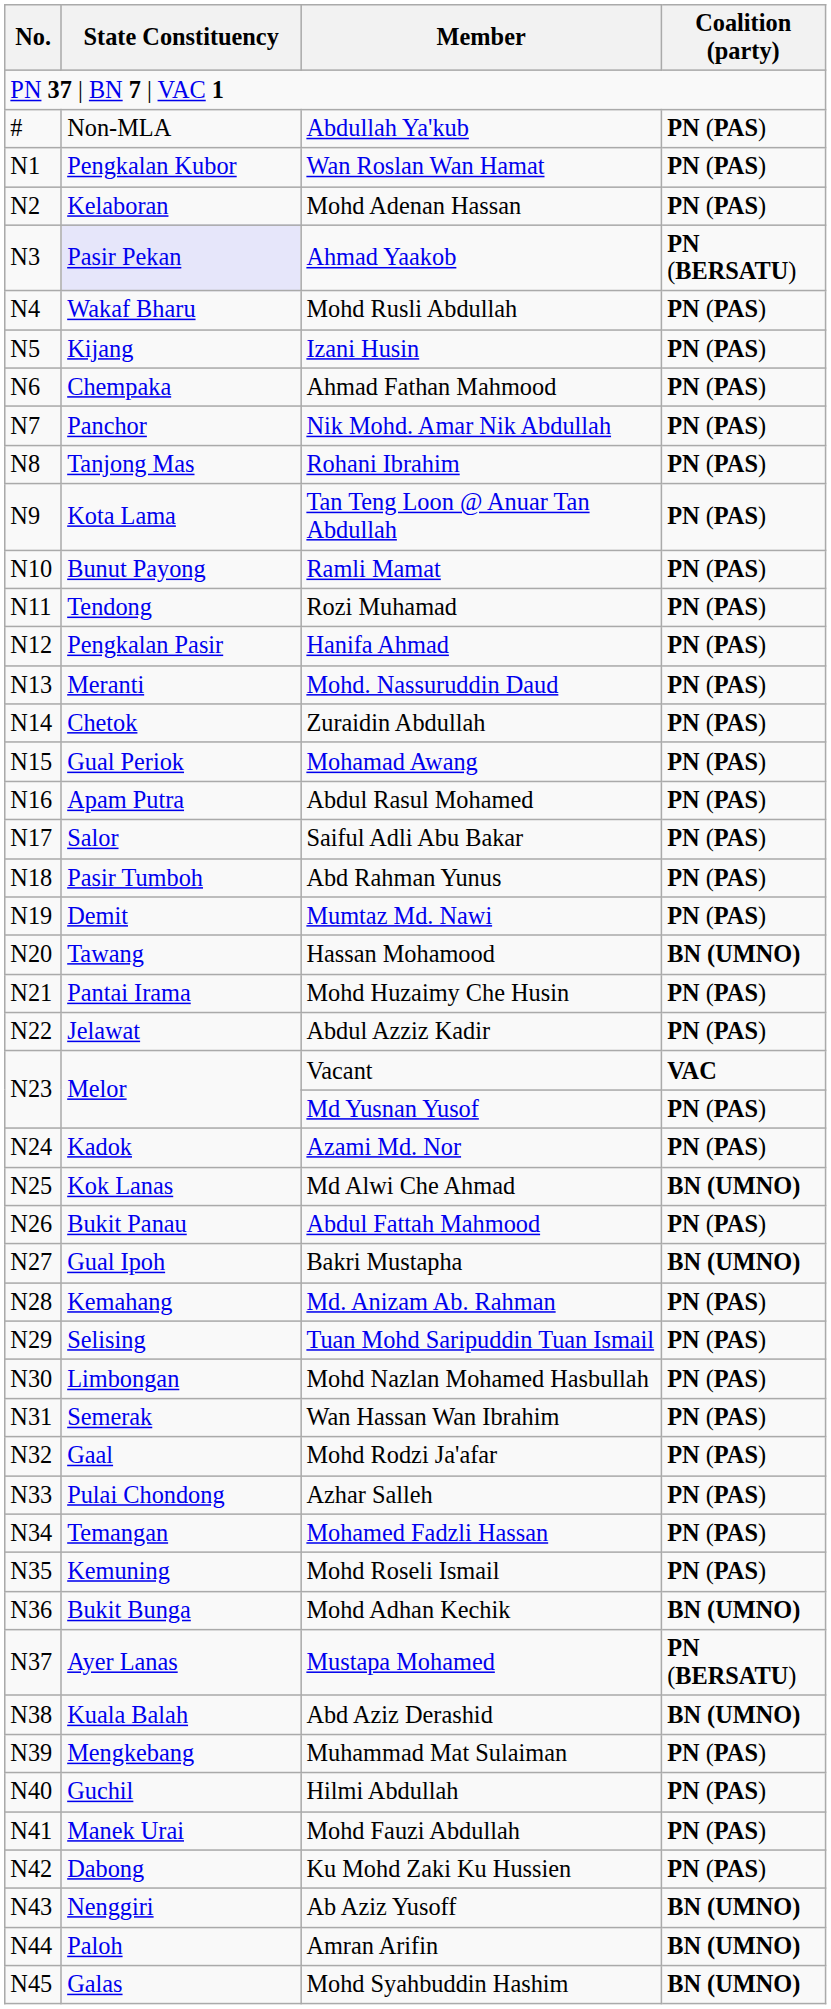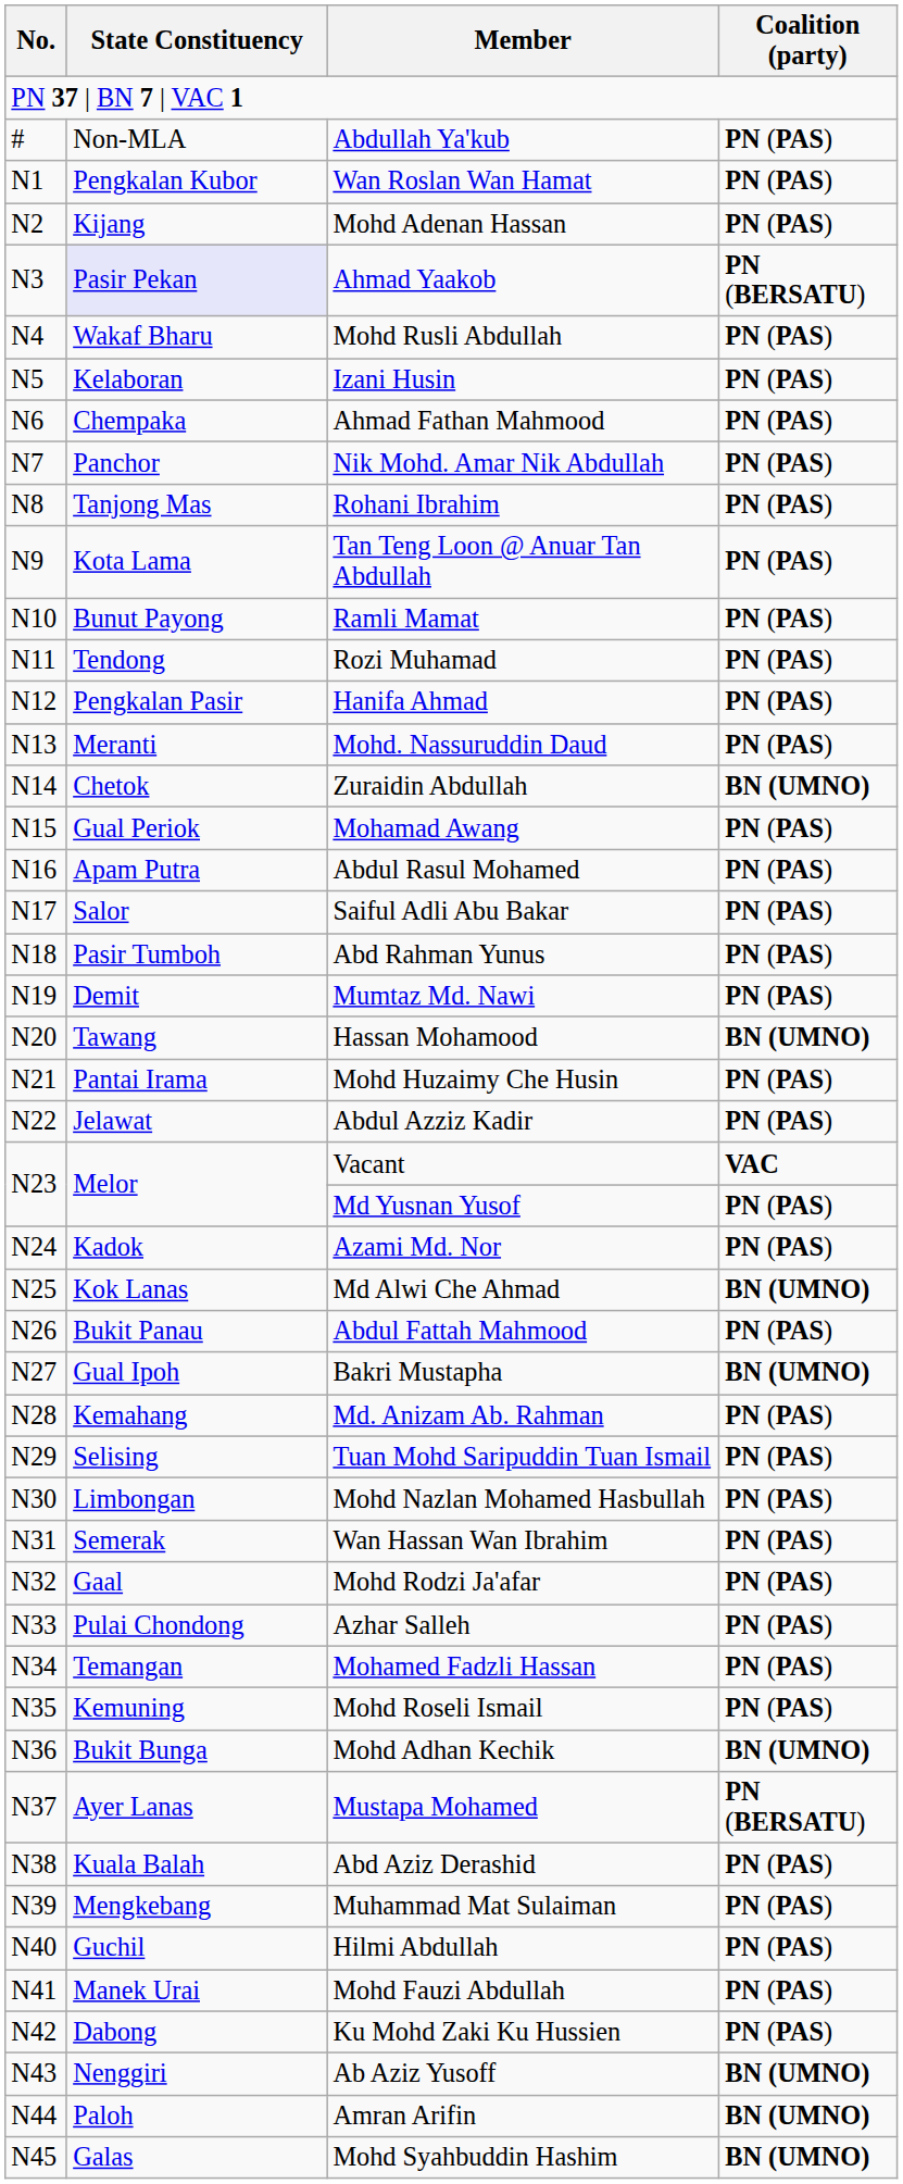 <table class="wikitable sortable">
 <tr>
 <th style="width:30px;">No.</th>
 <th style="width:150px;">State Constituency</th>
 <th style="width:230px;">Member</th>
 <th style="width:100px;">Coalition (party)</th>
 </tr>
 <tr>
 <td colspan="7"><a href='#'>PN</a> <strong>37</strong> | <a href='#'>BN</a> <strong>7</strong> | <a href='#'>VAC</a> <strong>1</strong></td>
 </tr>
 <tr>
 <td>#</td>
 <td>Non-MLA</td>
 <td><a href='#'>Abdullah Ya'kub</a></td>
 <td style="background:"><strong>PN</strong> (<strong>PAS</strong>)</td>
 </tr>
 <tr>
 <td>N1</td>
 <td><a href='#'>Pengkalan Kubor</a></td>
 <td><a href='#'>Wan Roslan Wan Hamat</a></td>
 <td style="background:"><strong>PN</strong> (<strong>PAS</strong>)</td>
 </tr>
 <tr>
 <td>N2</td>
-<td><a href='#'>Kelaboran</a></td>
+<td><a href='#'>Kijang</a></td>
 <td>Mohd Adenan Hassan</td>
 <td style="background:"><strong>PN</strong> (<strong>PAS</strong>)</td>
 </tr>
 <tr>
 <td>N3</td>
 <td style="background: lavender;"><a href='#'>Pasir Pekan</a></td>
 <td><a href='#'>Ahmad Yaakob</a></td>
 <td style="background:"><strong>PN</strong> (<strong>BERSATU</strong>)</td>
 </tr>
 <tr>
 <td>N4</td>
 <td><a href='#'>Wakaf Bharu</a></td>
 <td>Mohd Rusli Abdullah</td>
 <td style="background:"><strong>PN</strong> (<strong>PAS</strong>)</td>
 </tr>
 <tr>
 <td>N5</td>
-<td><a href='#'>Kijang</a></td>
+<td><a href='#'>Kelaboran</a></td>
 <td><a href='#'>Izani Husin</a></td>
 <td style="background:"><strong>PN</strong> (<strong>PAS</strong>)</td>
 </tr>
 <tr>
 <td>N6</td>
 <td><a href='#'>Chempaka</a></td>
 <td>Ahmad Fathan Mahmood</td>
 <td style="background:"><strong>PN</strong> (<strong>PAS</strong>)</td>
 </tr>
 <tr>
 <td>N7</td>
 <td><a href='#'>Panchor</a></td>
 <td><a href='#'>Nik Mohd. Amar Nik Abdullah</a></td>
 <td style="background:"><strong>PN</strong> (<strong>PAS</strong>)</td>
 </tr>
 <tr>
 <td>N8</td>
 <td><a href='#'>Tanjong Mas</a></td>
 <td><a href='#'>Rohani Ibrahim</a></td>
 <td style="background:"><strong>PN</strong> (<strong>PAS</strong>)</td>
 </tr>
 <tr>
 <td>N9</td>
 <td><a href='#'>Kota Lama</a></td>
 <td><a href='#'>Tan Teng Loon @ Anuar Tan Abdullah</a></td>
 <td style="background:"><strong>PN</strong> (<strong>PAS</strong>)</td>
 </tr>
 <tr>
 <td>N10</td>
 <td><a href='#'>Bunut Payong</a></td>
 <td><a href='#'>Ramli Mamat</a></td>
 <td style="background:"><strong>PN</strong> (<strong>PAS</strong>)</td>
 </tr>
 <tr>
 <td>N11</td>
 <td><a href='#'>Tendong</a></td>
 <td>Rozi Muhamad</td>
 <td style="background:"><strong>PN</strong> (<strong>PAS</strong>)</td>
 </tr>
 <tr>
 <td>N12</td>
 <td><a href='#'>Pengkalan Pasir</a></td>
 <td><a href='#'>Hanifa Ahmad</a></td>
 <td style="background:"><strong>PN</strong> (<strong>PAS</strong>)</td>
 </tr>
 <tr>
 <td>N13</td>
 <td><a href='#'>Meranti</a></td>
 <td><a href='#'>Mohd. Nassuruddin Daud</a></td>
 <td style="background:"><strong>PN</strong> (<strong>PAS</strong>)</td>
 </tr>
 <tr>
 <td>N14</td>
 <td><a href='#'>Chetok</a></td>
 <td>Zuraidin Abdullah</td>
-<td style="background:"><strong>PN</strong> (<strong>PAS</strong>)</td>
+<td style="background:"><strong>BN (UMNO)</strong></td>
 </tr>
 <tr>
 <td>N15</td>
 <td><a href='#'>Gual Periok</a></td>
 <td><a href='#'>Mohamad Awang</a></td>
 <td style="background:"><strong>PN</strong> (<strong>PAS</strong>)</td>
 </tr>
 <tr>
 <td>N16</td>
 <td><a href='#'>Apam Putra</a></td>
 <td>Abdul Rasul Mohamed</td>
 <td style="background:"><strong>PN</strong> (<strong>PAS</strong>)</td>
 </tr>
 <tr>
 <td>N17</td>
 <td><a href='#'>Salor</a></td>
 <td>Saiful Adli Abu Bakar</td>
 <td style="background:"><strong>PN</strong> (<strong>PAS</strong>)</td>
 </tr>
 <tr>
 <td>N18</td>
 <td><a href='#'>Pasir Tumboh</a></td>
 <td>Abd Rahman Yunus</td>
 <td style="background:"><strong>PN</strong> (<strong>PAS</strong>)</td>
 </tr>
 <tr>
 <td>N19</td>
 <td><a href='#'>Demit</a></td>
 <td><a href='#'>Mumtaz Md. Nawi</a></td>
 <td style="background:"><strong>PN</strong> (<strong>PAS</strong>)</td>
 </tr>
 <tr>
 <td>N20</td>
 <td><a href='#'>Tawang</a></td>
 <td>Hassan Mohamood</td>
 <td style="background:"><strong>BN (UMNO)</strong></td>
 </tr>
 <tr>
 <td>N21</td>
 <td><a href='#'>Pantai Irama</a></td>
 <td>Mohd Huzaimy Che Husin</td>
 <td style="background:"><strong>PN</strong> (<strong>PAS</strong>)</td>
 </tr>
 <tr>
 <td>N22</td>
 <td><a href='#'>Jelawat</a></td>
 <td>Abdul Azziz Kadir</td>
 <td style="background:"><strong>PN</strong> (<strong>PAS</strong>)</td>
 </tr>
 <tr>
 <td rowspan="2">N23</td>
 <td rowspan="2"><a href='#'>Melor</a></td>
 <td>Vacant</td>
 <td><strong>VAC</strong></td>
 </tr>
 <tr>
 <td><a href='#'>Md Yusnan Yusof</a> </td>
 <td style="background:"><strong>PN</strong> (<strong>PAS</strong>)</td>
 </tr>
 <tr>
 <td>N24</td>
 <td><a href='#'>Kadok</a></td>
 <td><a href='#'>Azami Md. Nor</a></td>
 <td style="background:"><strong>PN</strong> (<strong>PAS</strong>)</td>
 </tr>
 <tr>
 <td>N25</td>
 <td><a href='#'>Kok Lanas</a></td>
 <td>Md Alwi Che Ahmad</td>
 <td style="background:"><strong>BN (UMNO)</strong></td>
 </tr>
 <tr>
 <td>N26</td>
 <td><a href='#'>Bukit Panau</a></td>
 <td><a href='#'>Abdul Fattah Mahmood</a></td>
 <td style="background:"><strong>PN</strong> (<strong>PAS</strong>)</td>
 </tr>
 <tr>
 <td>N27</td>
 <td><a href='#'>Gual Ipoh</a></td>
 <td>Bakri Mustapha</td>
 <td style="background:"><strong>BN (UMNO)</strong></td>
 </tr>
 <tr>
 <td>N28</td>
 <td><a href='#'>Kemahang</a></td>
 <td><a href='#'>Md. Anizam Ab. Rahman</a></td>
 <td style="background:"><strong>PN</strong> (<strong>PAS</strong>)</td>
 </tr>
 <tr>
 <td>N29</td>
 <td><a href='#'>Selising</a></td>
 <td><a href='#'>Tuan Mohd Saripuddin Tuan Ismail</a></td>
 <td style="background:"><strong>PN</strong> (<strong>PAS</strong>)</td>
 </tr>
 <tr>
 <td>N30</td>
 <td><a href='#'>Limbongan</a></td>
 <td>Mohd Nazlan Mohamed Hasbullah</td>
 <td style="background:"><strong>PN</strong> (<strong>PAS</strong>)</td>
 </tr>
 <tr>
 <td>N31</td>
 <td><a href='#'>Semerak</a></td>
 <td>Wan Hassan Wan Ibrahim</td>
 <td style="background:"><strong>PN</strong> (<strong>PAS</strong>)</td>
 </tr>
 <tr>
 <td>N32</td>
 <td><a href='#'>Gaal</a></td>
 <td>Mohd Rodzi Ja'afar</td>
 <td style="background:"><strong>PN</strong> (<strong>PAS</strong>)</td>
 </tr>
 <tr>
 <td>N33</td>
 <td><a href='#'>Pulai Chondong</a></td>
 <td>Azhar Salleh</td>
 <td style="background:"><strong>PN</strong> (<strong>PAS</strong>)</td>
 </tr>
 <tr>
 <td>N34</td>
 <td><a href='#'>Temangan</a></td>
 <td><a href='#'>Mohamed Fadzli Hassan</a></td>
 <td style="background:"><strong>PN</strong> (<strong>PAS</strong>)</td>
 </tr>
 <tr>
 <td>N35</td>
 <td><a href='#'>Kemuning</a></td>
 <td>Mohd Roseli Ismail</td>
 <td style="background:"><strong>PN</strong> (<strong>PAS</strong>)</td>
 </tr>
 <tr>
 <td>N36</td>
 <td><a href='#'>Bukit Bunga</a></td>
 <td>Mohd Adhan Kechik</td>
 <td style="background:"><strong>BN (UMNO)</strong></td>
 </tr>
 <tr>
 <td>N37</td>
 <td><a href='#'>Ayer Lanas</a></td>
 <td><a href='#'>Mustapa Mohamed</a></td>
 <td style="background:"><strong>PN</strong> (<strong>BERSATU</strong>)</td>
 </tr>
 <tr>
 <td>N38</td>
 <td><a href='#'>Kuala Balah</a></td>
 <td>Abd Aziz Derashid</td>
-<td style="background:"><strong>BN (UMNO)</strong></td>
+<td style="background:"><strong>PN</strong> (<strong>PAS</strong>)</td>
 </tr>
 <tr>
 <td>N39</td>
 <td><a href='#'>Mengkebang</a></td>
 <td>Muhammad Mat Sulaiman</td>
 <td style="background:"><strong>PN</strong> (<strong>PAS</strong>)</td>
 </tr>
 <tr>
 <td>N40</td>
 <td><a href='#'>Guchil</a></td>
 <td>Hilmi Abdullah</td>
 <td style="background:"><strong>PN</strong> (<strong>PAS</strong>)</td>
 </tr>
 <tr>
 <td>N41</td>
 <td><a href='#'>Manek Urai</a></td>
 <td>Mohd Fauzi Abdullah</td>
 <td style="background:"><strong>PN</strong> (<strong>PAS</strong>)</td>
 </tr>
 <tr>
 <td>N42</td>
 <td><a href='#'>Dabong</a></td>
 <td>Ku Mohd Zaki Ku Hussien</td>
 <td style="background:"><strong>PN</strong> (<strong>PAS</strong>)</td>
 </tr>
 <tr>
 <td>N43</td>
 <td><a href='#'>Nenggiri</a></td>
 <td>Ab Aziz Yusoff</td>
 <td style="background:"><strong>BN (UMNO)</strong></td>
 </tr>
 <tr>
 <td>N44</td>
 <td><a href='#'>Paloh</a></td>
 <td>Amran Arifin</td>
 <td style="background:"><strong>BN (UMNO)</strong></td>
 </tr>
 <tr>
 <td>N45</td>
 <td><a href='#'>Galas</a></td>
 <td>Mohd Syahbuddin Hashim</td>
 <td style="background:"><strong>BN (UMNO)</strong></td>
 </tr>
 </table>
